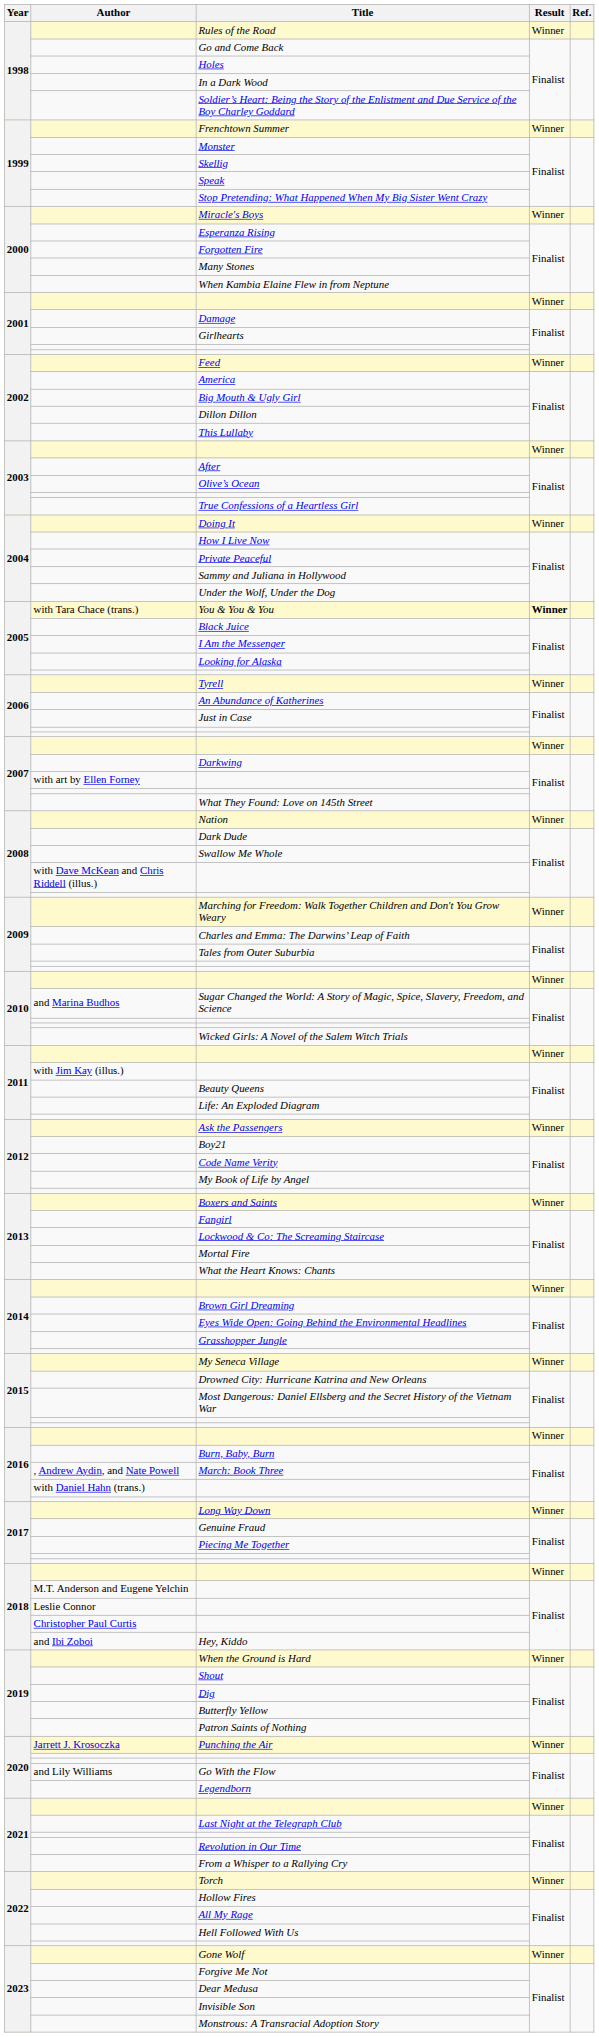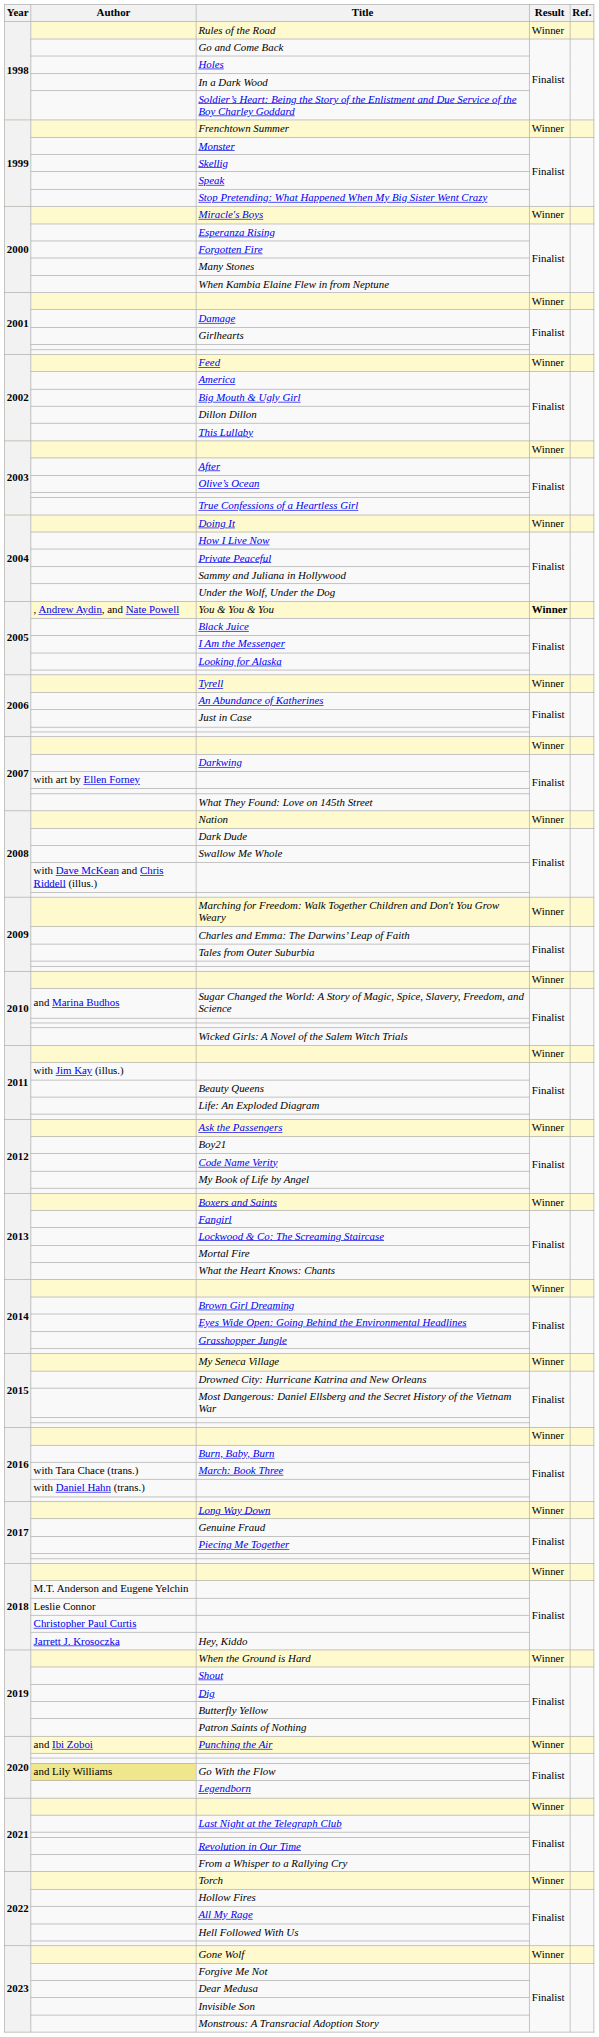 <table class="wikitable sortable mw-collapsible">
 <tr>
 <th>Year</th>
 <th>Author</th>
 <th>Title</th>
 <th>Result</th>
 <th>Ref.</th>
 </tr>
 <tr style="background:LemonChiffon; color:black">
 <th rowspan="5">1998</th>
 <td></td>
 <td><em>Rules of the Road</em></td>
 <td>Winner</td>
 <td></td>
 </tr>
 <tr>
 <td></td>
 <td><em>Go and Come Back</em></td>
 <td rowspan="4">Finalist</td>
 <td rowspan="4"></td>
 </tr>
 <tr>
 <td></td>
 <td><em><a href='#'>Holes</a></em></td>
 </tr>
 <tr>
 <td></td>
 <td><em>In a Dark Wood</em></td>
 </tr>
 <tr>
 <td></td>
 <td><em><a href='#'>Soldier’s Heart: Being the Story of the Enlistment and Due Service of the Boy Charley Goddard</a></em></td>
 </tr>
 <tr style="background:LemonChiffon; color:black">
 <th rowspan="5">1999</th>
 <td></td>
 <td><em>Frenchtown Summer</em></td>
 <td>Winner</td>
 <td></td>
 </tr>
 <tr>
 <td></td>
 <td><em><a href='#'>Monster</a></em></td>
 <td rowspan="4">Finalist</td>
 <td rowspan="4"></td>
 </tr>
 <tr>
 <td></td>
 <td><em><a href='#'>Skellig</a></em></td>
 </tr>
 <tr>
 <td></td>
 <td><em><a href='#'>Speak</a></em></td>
 </tr>
 <tr>
 <td></td>
 <td><em><a href='#'>Stop Pretending: What Happened When My Big Sister Went Crazy</a></em></td>
 </tr>
 <tr style="background:LemonChiffon; color:black">
 <th rowspan="5">2000</th>
 <td></td>
 <td><em><a href='#'>Miracle's Boys</a></em></td>
 <td>Winner</td>
 <td></td>
 </tr>
 <tr>
 <td></td>
 <td><em><a href='#'>Esperanza Rising</a></em></td>
 <td rowspan="4">Finalist</td>
 <td rowspan="4"></td>
 </tr>
 <tr>
 <td></td>
 <td><em><a href='#'>Forgotten Fire</a></em></td>
 </tr>
 <tr>
 <td></td>
 <td><em>Many Stones</em></td>
 </tr>
 <tr>
 <td></td>
 <td><em>When Kambia Elaine Flew in from Neptune</em></td>
 </tr>
 <tr style="background:LemonChiffon; color:black">
 <th rowspan="5">2001</th>
 <td></td>
 <td><em></em></td>
 <td>Winner</td>
 <td></td>
 </tr>
 <tr>
 <td></td>
 <td><em><a href='#'>Damage</a></em></td>
 <td rowspan="4">Finalist</td>
 <td rowspan="4"></td>
 </tr>
 <tr>
 <td></td>
 <td><em>Girlhearts</em></td>
 </tr>
 <tr>
 <td></td>
 <td><em></em></td>
 </tr>
 <tr>
 <td></td>
 <td><em></em></td>
 </tr>
 <tr style="background:LemonChiffon; color:black">
 <th rowspan="5">2002</th>
 <td></td>
 <td><em><a href='#'>Feed</a></em></td>
 <td>Winner</td>
 <td></td>
 </tr>
 <tr>
 <td></td>
 <td><em><a href='#'>America</a></em></td>
 <td rowspan="4">Finalist</td>
 <td rowspan="4"></td>
 </tr>
 <tr>
 <td></td>
 <td><em><a href='#'>Big Mouth & Ugly Girl</a></em></td>
 </tr>
 <tr>
 <td></td>
 <td><em>Dillon Dillon</em></td>
 </tr>
 <tr>
 <td></td>
 <td><em><a href='#'>This Lullaby</a></em></td>
 </tr>
 <tr style="background:LemonChiffon; color:black">
 <th rowspan="5">2003</th>
 <td></td>
 <td></td>
 <td>Winner</td>
 <td></td>
 </tr>
 <tr>
 <td></td>
 <td><em><a href='#'>After</a></em></td>
 <td rowspan="4">Finalist</td>
 <td rowspan="4"></td>
 </tr>
 <tr>
 <td></td>
 <td><em><a href='#'>Olive’s Ocean</a></em></td>
 </tr>
 <tr>
 <td></td>
 <td><em></em></td>
 </tr>
 <tr>
 <td></td>
 <td><em><a href='#'>True Confessions of a Heartless Girl</a></em></td>
 </tr>
 <tr style="background:LemonChiffon; color:black">
 <th rowspan="5">2004</th>
 <td></td>
 <td><em><a href='#'>Doing It</a></em></td>
 <td>Winner</td>
 <td></td>
 </tr>
 <tr>
 <td></td>
 <td><em><a href='#'>How I Live Now</a></em></td>
 <td rowspan="4">Finalist</td>
 <td rowspan="4"></td>
 </tr>
 <tr>
 <td></td>
 <td><em><a href='#'>Private Peaceful</a></em></td>
 </tr>
 <tr>
 <td></td>
 <td><em>Sammy and Juliana in Hollywood</em></td>
 </tr>
 <tr>
 <td></td>
 <td><em>Under the Wolf, Under the Dog</em></td>
 </tr>
 <tr style="background:LemonChiffon; color:black">
 <th rowspan="5">2005</th>
-<td> with Tara Chace (trans.)</td>
+<td>, <a href='#'>Andrew Aydin</a>, and <a href='#'>Nate Powell</a></td>
 <td><em>You & You & You</em></td>
 <td><strong>Winner</strong></td>
 <td></td>
 </tr>
 <tr>
 <td></td>
 <td><em><a href='#'>Black Juice</a></em></td>
 <td rowspan="4">Finalist</td>
 <td rowspan="4"></td>
 </tr>
 <tr>
 <td></td>
 <td><em><a href='#'>I Am the Messenger</a></em></td>
 </tr>
 <tr>
 <td></td>
 <td><em><a href='#'>Looking for Alaska</a></em></td>
 </tr>
 <tr>
 <td></td>
 <td><em></em></td>
 </tr>
 <tr style="background:LemonChiffon; color:black">
 <th rowspan="5">2006</th>
 <td></td>
 <td><em><a href='#'>Tyrell</a></em></td>
 <td>Winner</td>
 <td></td>
 </tr>
 <tr>
 <td></td>
 <td><em><a href='#'>An Abundance of Katherines</a></em></td>
 <td rowspan="4">Finalist</td>
 <td rowspan="4"></td>
 </tr>
 <tr>
 <td></td>
 <td><em>Just in Case</em></td>
 </tr>
 <tr>
 <td></td>
 <td><em></em></td>
 </tr>
 <tr>
 <td></td>
 <td><em></em></td>
 </tr>
 <tr style="background:LemonChiffon; color:black">
 <th rowspan="5">2007</th>
 <td></td>
 <td><em></em></td>
 <td>Winner</td>
 <td></td>
 </tr>
 <tr>
 <td></td>
 <td><em><a href='#'>Darkwing</a></em></td>
 <td rowspan="4">Finalist</td>
 <td rowspan="4"></td>
 </tr>
 <tr>
 <td> with art by <a href='#'>Ellen Forney</a></td>
 <td><em></em></td>
 </tr>
 <tr>
 <td></td>
 <td><em></em></td>
 </tr>
 <tr>
 <td></td>
 <td><em>What They Found: Love on 145th Street</em></td>
 </tr>
 <tr style="background:LemonChiffon; color:black">
 <th rowspan="5">2008</th>
 <td></td>
 <td><em>Nation</em></td>
 <td>Winner</td>
 <td></td>
 </tr>
 <tr>
 <td></td>
 <td><em>Dark Dude</em></td>
 <td rowspan="4">Finalist</td>
 <td rowspan="4"></td>
 </tr>
 <tr>
 <td></td>
 <td><em>Swallow Me Whole</em></td>
 </tr>
 <tr>
 <td> with <a href='#'>Dave McKean</a> and <a href='#'>Chris Riddell</a> (illus.)</td>
 <td><em></em></td>
 </tr>
 <tr>
 <td></td>
 <td><em></em></td>
 </tr>
 <tr style="background:LemonChiffon; color:black">
 <th rowspan="5">2009</th>
 <td></td>
 <td><em>Marching for Freedom: Walk Together Children and Don't You Grow Weary</em></td>
 <td>Winner</td>
 <td></td>
 </tr>
 <tr>
 <td></td>
 <td><em>Charles and Emma: The Darwins’ Leap of Faith</em></td>
 <td rowspan="4">Finalist</td>
 <td rowspan="4"></td>
 </tr>
 <tr>
 <td></td>
 <td><em>Tales from Outer Suburbia</em></td>
 </tr>
 <tr>
 <td></td>
 <td><em></em></td>
 </tr>
 <tr>
 <td></td>
 <td><em></em></td>
 </tr>
 <tr style="background:LemonChiffon; color:black">
 <th rowspan="5">2010</th>
 <td></td>
 <td><em></em></td>
 <td>Winner</td>
 <td></td>
 </tr>
 <tr>
 <td> and <a href='#'>Marina Budhos</a></td>
 <td><em>Sugar Changed the World: A Story of Magic, Spice, Slavery, Freedom, and Science</em></td>
 <td rowspan="4">Finalist</td>
 <td rowspan="4"></td>
 </tr>
 <tr>
 <td></td>
 <td><em></em></td>
 </tr>
 <tr>
 <td></td>
 <td><em></em></td>
 </tr>
 <tr>
 <td></td>
 <td><em>Wicked Girls: A Novel of the Salem Witch Trials</em></td>
 </tr>
 <tr style="background:LemonChiffon; color:black">
 <th rowspan="5">2011</th>
 <td></td>
 <td><em></em></td>
 <td>Winner</td>
 <td></td>
 </tr>
 <tr>
 <td> with <a href='#'>Jim Kay</a> (illus.)</td>
 <td><em></em></td>
 <td rowspan="4">Finalist</td>
 <td rowspan="4"></td>
 </tr>
 <tr>
 <td></td>
 <td><em>Beauty Queens</em></td>
 </tr>
 <tr>
 <td></td>
 <td><em>Life: An Exploded Diagram</em></td>
 </tr>
 <tr>
 <td></td>
 <td><em></em></td>
 </tr>
 <tr style="background:LemonChiffon; color:black">
 <th rowspan="5">2012</th>
 <td></td>
 <td><em><a href='#'>Ask the Passengers</a></em></td>
 <td>Winner</td>
 <td></td>
 </tr>
 <tr>
 <td></td>
 <td><em>Boy21</em></td>
 <td rowspan="4">Finalist</td>
 <td rowspan="4"></td>
 </tr>
 <tr>
 <td></td>
 <td><em><a href='#'>Code Name Verity</a></em></td>
 </tr>
 <tr>
 <td></td>
 <td><em>My Book of Life by Angel</em></td>
 </tr>
 <tr>
 <td></td>
 <td><em></em></td>
 </tr>
 <tr style="background:LemonChiffon; color:black">
 <th rowspan="5">2013</th>
 <td></td>
 <td><em><a href='#'>Boxers and Saints</a></em></td>
 <td>Winner</td>
 <td></td>
 </tr>
 <tr>
 <td></td>
 <td><em><a href='#'>Fangirl</a></em></td>
 <td rowspan="4">Finalist</td>
 <td rowspan="4"></td>
 </tr>
 <tr>
 <td></td>
 <td><em><a href='#'>Lockwood & Co: The Screaming Staircase</a></em></td>
 </tr>
 <tr>
 <td></td>
 <td><em>Mortal Fire</em></td>
 </tr>
 <tr>
 <td></td>
 <td><em>What the Heart Knows: Chants</em></td>
 </tr>
 <tr style="background:LemonChiffon; color:black">
 <th rowspan="5">2014</th>
 <td></td>
 <td><em></em></td>
 <td>Winner</td>
 <td></td>
 </tr>
 <tr>
 <td></td>
 <td><em><a href='#'>Brown Girl Dreaming</a></em></td>
 <td rowspan="4">Finalist</td>
 <td rowspan="4"></td>
 </tr>
 <tr>
 <td></td>
 <td><em><a href='#'>Eyes Wide Open: Going Behind the Environmental Headlines</a></em></td>
 </tr>
 <tr>
 <td></td>
 <td><em><a href='#'>Grasshopper Jungle</a></em></td>
 </tr>
 <tr>
 <td></td>
 <td><em></em></td>
 </tr>
 <tr style="background:LemonChiffon; color:black">
 <th rowspan="5">2015</th>
 <td></td>
 <td><em>My Seneca Village</em></td>
 <td>Winner</td>
 <td></td>
 </tr>
 <tr>
 <td></td>
 <td><em>Drowned City: Hurricane Katrina and New Orleans</em></td>
 <td rowspan="4">Finalist</td>
 <td rowspan="4"></td>
 </tr>
 <tr>
 <td></td>
 <td><em>Most Dangerous: Daniel Ellsberg and the Secret History of the Vietnam War</em></td>
 </tr>
 <tr>
 <td></td>
 <td><em></em></td>
 </tr>
 <tr>
 <td></td>
 <td><em></em></td>
 </tr>
 <tr style="background:LemonChiffon; color:black">
 <th rowspan="5">2016</th>
 <td></td>
 <td><em></em></td>
 <td>Winner</td>
 <td></td>
 </tr>
 <tr>
 <td></td>
 <td><em><a href='#'>Burn, Baby, Burn</a></em></td>
 <td rowspan="4">Finalist</td>
 <td rowspan="4"></td>
 </tr>
 <tr>
-<td>, <a href='#'>Andrew Aydin</a>, and <a href='#'>Nate Powell</a></td>
+<td> with Tara Chace (trans.)</td>
 <td><em><a href='#'>March: Book Three</a></em></td>
 </tr>
 <tr>
 <td> with <a href='#'>Daniel Hahn</a> (trans.)</td>
 <td><em></em></td>
 </tr>
 <tr>
 <td></td>
 <td><em></em></td>
 </tr>
 <tr style="background:LemonChiffon; color:black">
 <th rowspan="5">2017</th>
 <td></td>
 <td><em><a href='#'>Long Way Down</a></em></td>
 <td>Winner</td>
 <td></td>
 </tr>
 <tr>
 <td></td>
 <td><em>Genuine Fraud</em></td>
 <td rowspan="4">Finalist</td>
 <td rowspan="4"></td>
 </tr>
 <tr>
 <td></td>
 <td><em><a href='#'>Piecing Me Together</a></em></td>
 </tr>
 <tr>
 <td></td>
 <td><em></em></td>
 </tr>
 <tr>
 <td></td>
 <td><em></em></td>
 </tr>
 <tr style="background:LemonChiffon; color:black">
 <th rowspan="5">2018</th>
 <td></td>
 <td><em></em></td>
 <td>Winner</td>
 <td></td>
 </tr>
 <tr>
 <td>M.T. Anderson and Eugene Yelchin</td>
 <td><em></em></td>
 <td rowspan="4">Finalist</td>
 <td rowspan="4"></td>
 </tr>
 <tr>
 <td>Leslie Connor</td>
 <td><em></em></td>
 </tr>
 <tr>
 <td><a href='#'>Christopher Paul Curtis</a></td>
 <td><em></em></td>
 </tr>
 <tr>
-<td> and <a href='#'>Ibi Zoboi</a></td>
+<td><a href='#'>Jarrett J. Krosoczka</a></td>
 <td><em>Hey, Kiddo</em></td>
 </tr>
 <tr style="background:LemonChiffon; color:black">
 <th rowspan="5">2019</th>
 <td></td>
 <td><em>When the Ground is Hard</em></td>
 <td>Winner</td>
 <td></td>
 </tr>
 <tr>
 <td></td>
 <td><em><a href='#'>Shout</a></em></td>
 <td rowspan="4">Finalist</td>
 <td rowspan="4"></td>
 </tr>
 <tr>
 <td></td>
 <td><em><a href='#'>Dig</a></em></td>
 </tr>
 <tr>
 <td></td>
 <td><em>Butterfly Yellow</em></td>
 </tr>
 <tr>
 <td></td>
 <td><em>Patron Saints of Nothing</em></td>
 </tr>
 <tr style="background:LemonChiffon; color:black">
 <th rowspan="5">2020</th>
-<td><a href='#'>Jarrett J. Krosoczka</a></td>
+<td> and <a href='#'>Ibi Zoboi</a></td>
 <td><em><a href='#'>Punching the Air</a></em></td>
 <td>Winner</td>
 <td></td>
 </tr>
 <tr>
 <td></td>
 <td><em></em></td>
 <td rowspan="4">Finalist</td>
 <td rowspan="4"></td>
 </tr>
 <tr>
 <td></td>
 <td><em></em></td>
 </tr>
 <tr>
-<td> and Lily Williams</td>
+<td style="background: khaki;"> and Lily Williams</td>
 <td><em>Go With the Flow</em></td>
 </tr>
 <tr>
 <td></td>
 <td><em><a href='#'>Legendborn</a></em></td>
 </tr>
 <tr style="background:LemonChiffon; color:black">
 <th rowspan="5">2021</th>
 <td></td>
 <td><em></em></td>
 <td>Winner</td>
 <td></td>
 </tr>
 <tr>
 <td></td>
 <td><em><a href='#'>Last Night at the Telegraph Club</a></em></td>
 <td rowspan="4">Finalist</td>
 <td rowspan="4"></td>
 </tr>
 <tr>
 <td></td>
 <td><em></em></td>
 </tr>
 <tr>
 <td></td>
 <td><em><a href='#'>Revolution in Our Time</a></em></td>
 </tr>
 <tr>
 <td></td>
 <td><em>From a Whisper to a Rallying Cry</em></td>
 </tr>
 <tr style="background:LemonChiffon;">
 <th rowspan="5">2022</th>
 <td></td>
 <td><em>Torch</em></td>
 <td>Winner</td>
 <td></td>
 </tr>
 <tr>
 <td></td>
 <td><em>Hollow Fires</em></td>
 <td rowspan="4">Finalist</td>
 <td rowspan="4"></td>
 </tr>
 <tr>
 <td></td>
 <td><em><a href='#'>All My Rage</a></em></td>
 </tr>
 <tr>
 <td></td>
 <td><em>Hell Followed With Us</em></td>
 </tr>
 <tr>
 <td></td>
 <td><em></em></td>
 </tr>
 <tr style="background:LemonChiffon;">
 <th rowspan="5">2023</th>
 <td></td>
 <td><em>Gone Wolf</em></td>
 <td>Winner</td>
 <td></td>
 </tr>
 <tr>
 <td></td>
 <td><em>Forgive Me Not</em></td>
 <td rowspan="4">Finalist</td>
 <td rowspan="4"></td>
 </tr>
 <tr>
 <td></td>
 <td><em>Dear Medusa</em></td>
 </tr>
 <tr>
 <td></td>
 <td><em>Invisible Son</em></td>
 </tr>
 <tr>
 <td></td>
 <td><em>Monstrous: A Transracial Adoption Story</em></td>
 </tr>
 </table>
